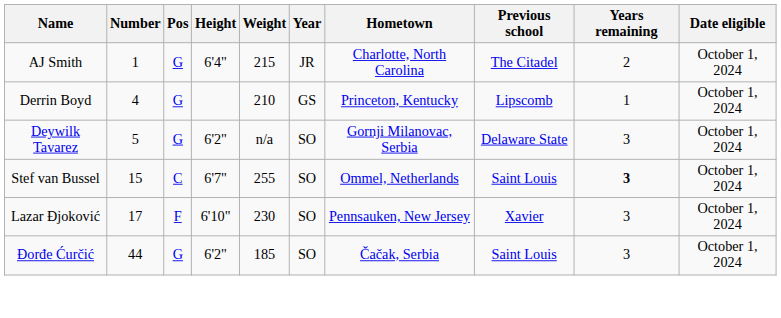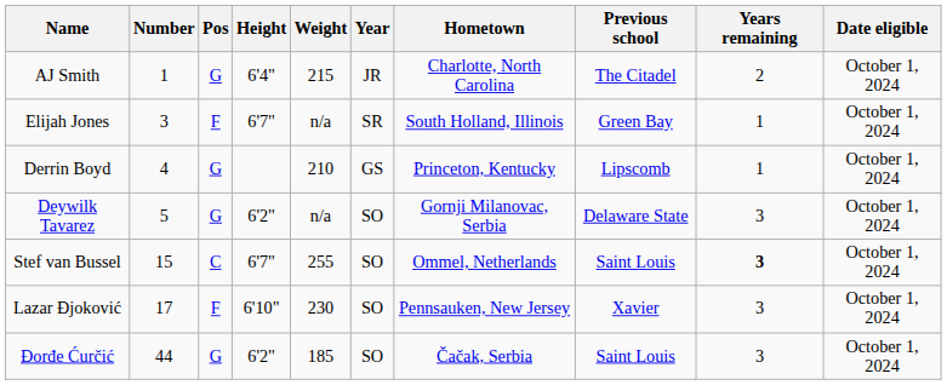 <table class="wikitable sortable sortable" style="text-align: center">
 <tr align="center">
 <th>Name</th>
 <th>Number</th>
 <th>Pos</th>
 <th>Height</th>
 <th>Weight</th>
 <th>Year</th>
 <th>Hometown</th>
 <th>Previous school</th>
 <th>Years remaining</th>
 <th>Date eligible</th>
 </tr>
 <tr>
 <td>AJ Smith</td>
 <td>1</td>
 <td><a href='#'>G</a></td>
 <td>6'4"</td>
 <td>215</td>
 <td>JR</td>
 <td><a href='#'>Charlotte, North Carolina</a></td>
 <td><a href='#'>The Citadel</a></td>
 <td>2</td>
+<td>October 1, 2024</td>
+</tr>
+<tr>
+<td>Elijah Jones</td>
+<td>3</td>
+<td><a href='#'>F</a></td>
+<td>6'7"</td>
+<td>n/a</td>
+<td>SR</td>
+<td><a href='#'>South Holland, Illinois</a></td>
+<td><a href='#'>Green Bay</a></td>
+<td>1</td>
 <td>October 1, 2024</td>
 </tr>
 <tr>
 <td>Derrin Boyd</td>
 <td>4</td>
 <td><a href='#'>G</a></td>
 <td></td>
 <td>210</td>
 <td>GS</td>
 <td><a href='#'>Princeton, Kentucky</a></td>
 <td><a href='#'>Lipscomb</a></td>
 <td>1</td>
 <td>October 1, 2024</td>
 </tr>
 <tr>
 <td><a href='#'>Deywilk Tavarez</a></td>
 <td>5</td>
 <td><a href='#'>G</a></td>
 <td>6'2"</td>
 <td>n/a</td>
 <td>SO</td>
 <td><a href='#'>Gornji Milanovac, Serbia</a></td>
 <td><a href='#'>Delaware State</a></td>
 <td>3</td>
 <td>October 1, 2024</td>
 </tr>
 <tr>
 <td>Stef van Bussel</td>
 <td>15</td>
 <td><a href='#'>C</a></td>
 <td>6'7"</td>
 <td>255</td>
 <td>SO</td>
 <td><a href='#'>Ommel, Netherlands</a></td>
 <td><a href='#'>Saint Louis</a></td>
 <td><strong>3</strong></td>
 <td>October 1, 2024</td>
 </tr>
 <tr>
 <td>Lazar Đjoković</td>
 <td>17</td>
 <td><a href='#'>F</a></td>
 <td>6'10"</td>
 <td>230</td>
 <td>SO</td>
 <td><a href='#'>Pennsauken, New Jersey</a></td>
 <td><a href='#'>Xavier</a></td>
 <td>3</td>
 <td>October 1, 2024</td>
 </tr>
 <tr>
 <td><a href='#'>Đorđe Ćurčić</a></td>
 <td>44</td>
 <td><a href='#'>G</a></td>
 <td>6'2"</td>
 <td>185</td>
 <td>SO</td>
 <td><a href='#'>Čačak, Serbia</a></td>
 <td><a href='#'>Saint Louis</a></td>
 <td>3</td>
 <td>October 1, 2024</td>
 </tr>
 </table>
